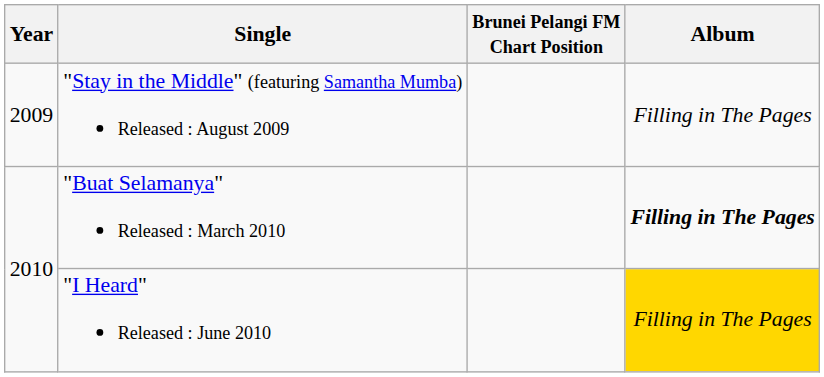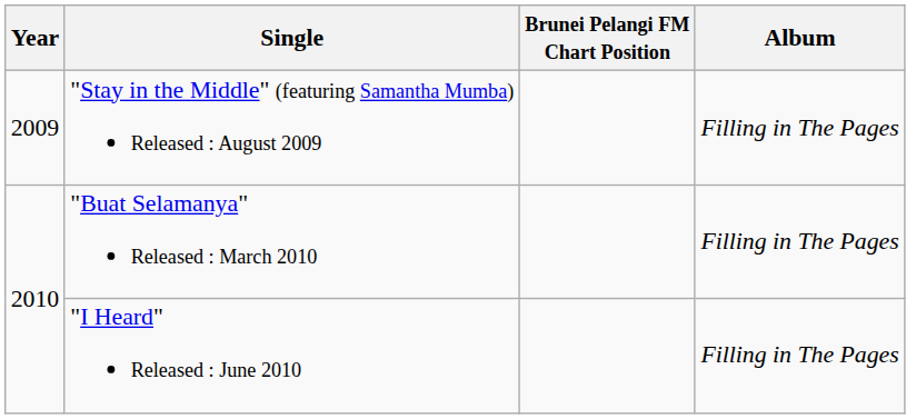 <table class="wikitable">
 <tr>
 <th>Year</th>
 <th>Single</th>
 <th><small>Brunei Pelangi FM<br>Chart Position</small></th>
 <th>Album</th>
 </tr>
 <tr>
 <td rowspan="1">2009</td>
 <td>"<a href='#'>Stay in the Middle</a>" <small>(featuring <a href='#'>Samantha Mumba</a>)</small><br><ul><li><small>Released : August 2009</small></li></ul></td>
 <td></td>
 <td align="center"><em>Filling in The Pages</em></td>
 </tr>
 <tr>
 <td rowspan="2">2010</td>
 <td>"<a href='#'>Buat Selamanya</a>"<br><ul><li><small>Released : March 2010</small></li></ul></td>
 <td></td>
-<td align="center"><strong><em>Filling in The Pages</em></strong></td>
+<td align="center"><em>Filling in The Pages</em></td>
 </tr>
 <tr>
 <td>"<a href='#'>I Heard</a>"<br><ul><li><small>Released : June 2010</small></li></ul></td>
 <td></td>
-<td align="center" style="background: gold;"><em>Filling in The Pages</em></td>
+<td align="center"><em>Filling in The Pages</em></td>
 </tr>
 </table>
